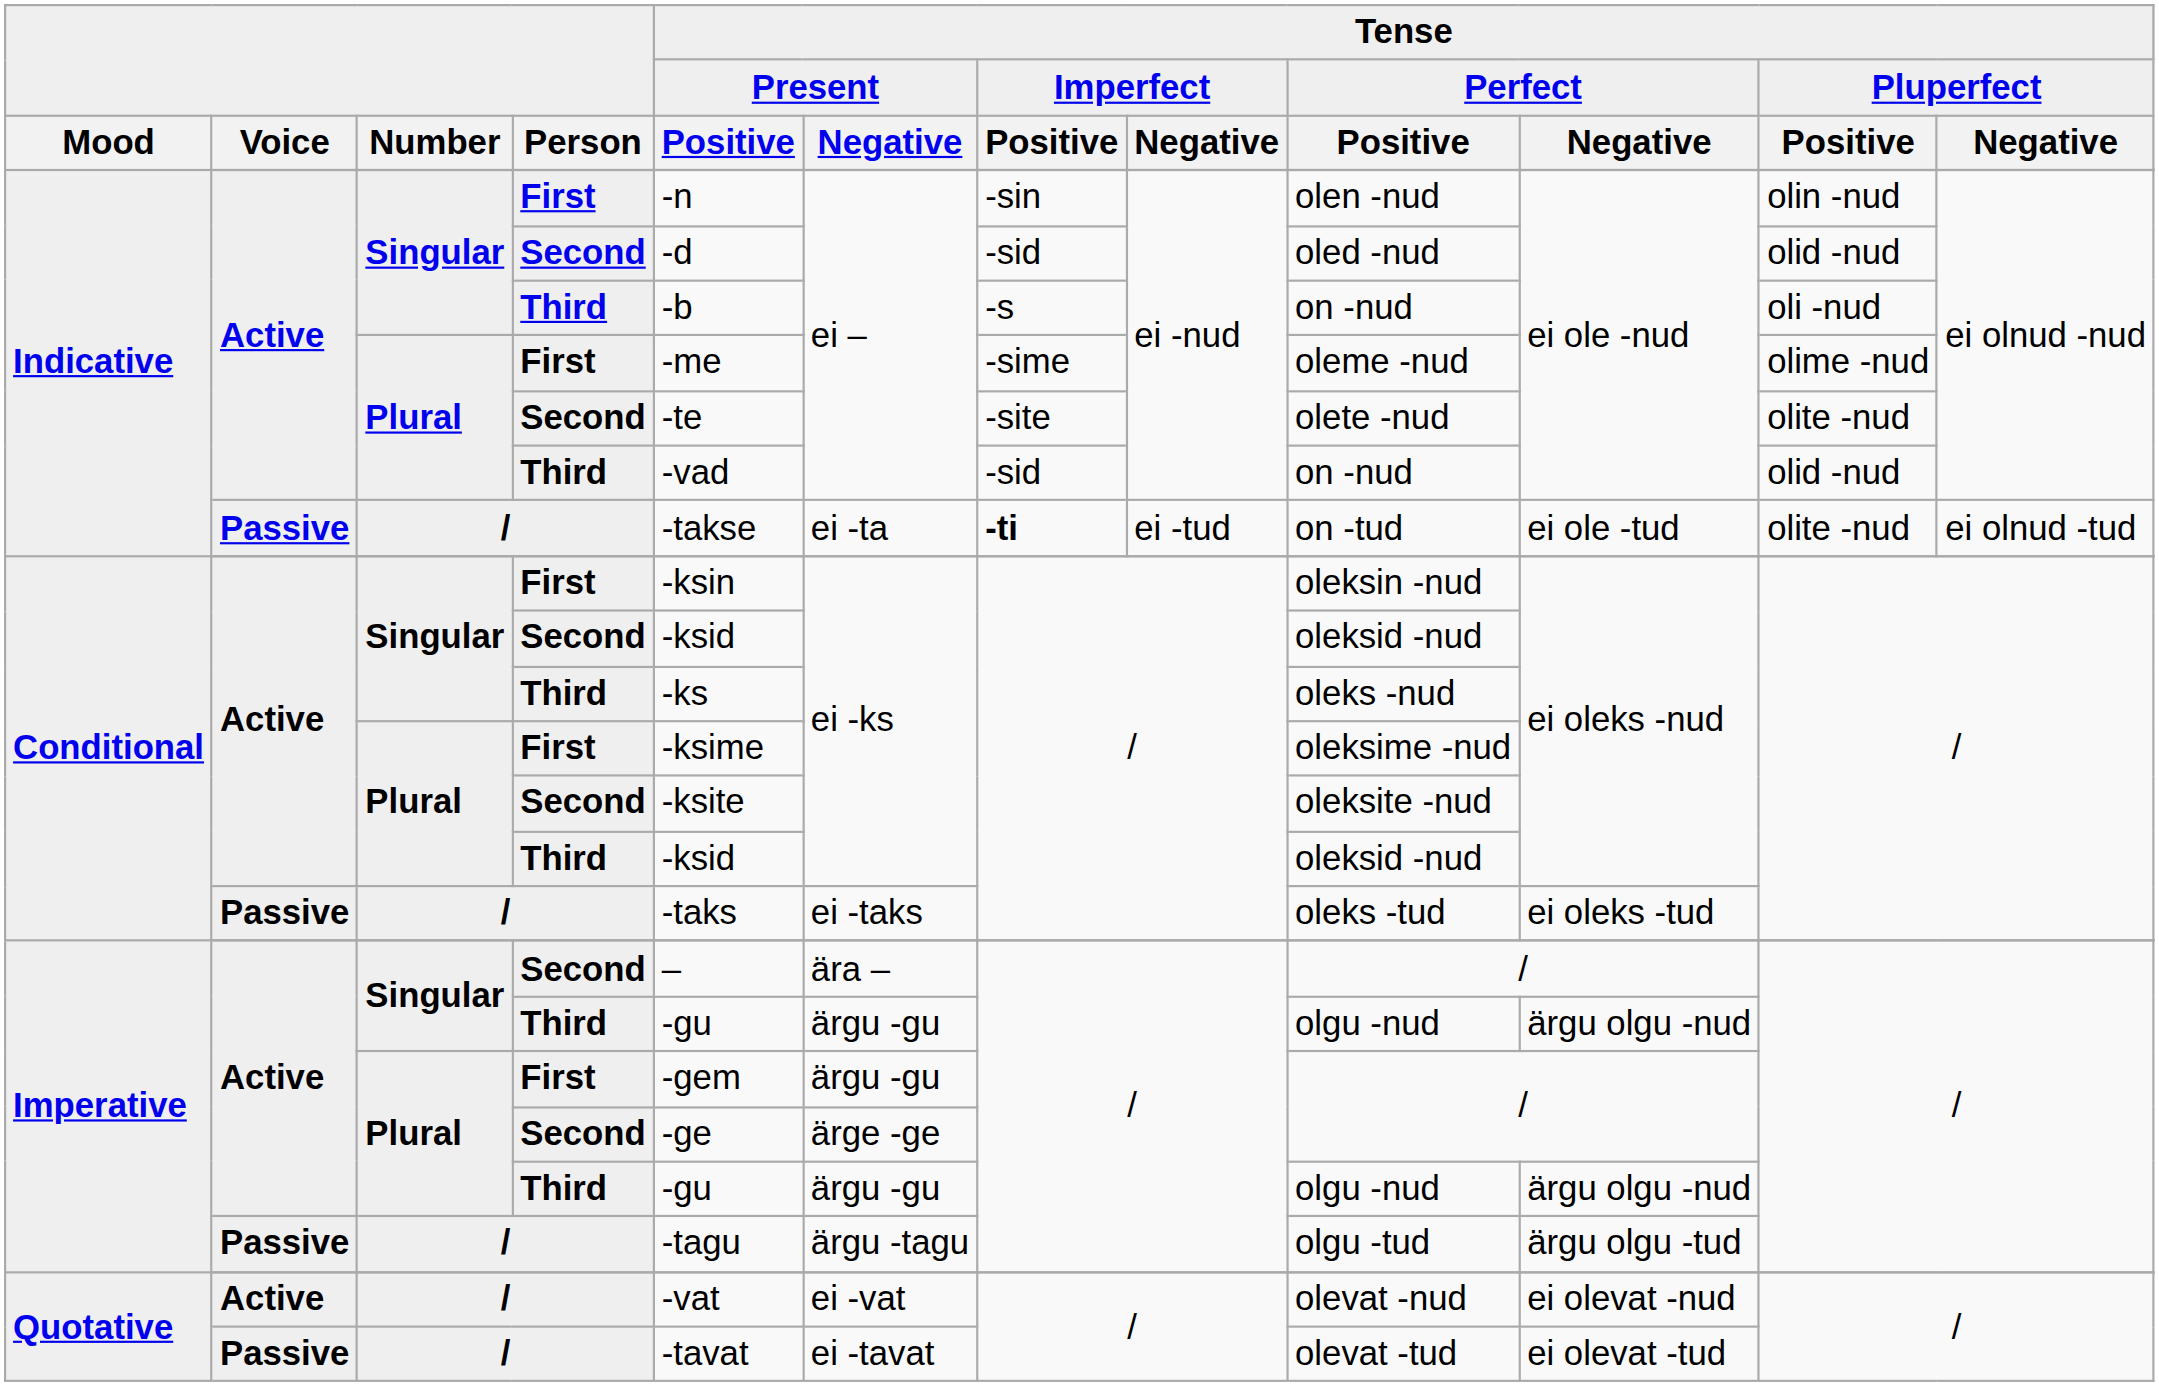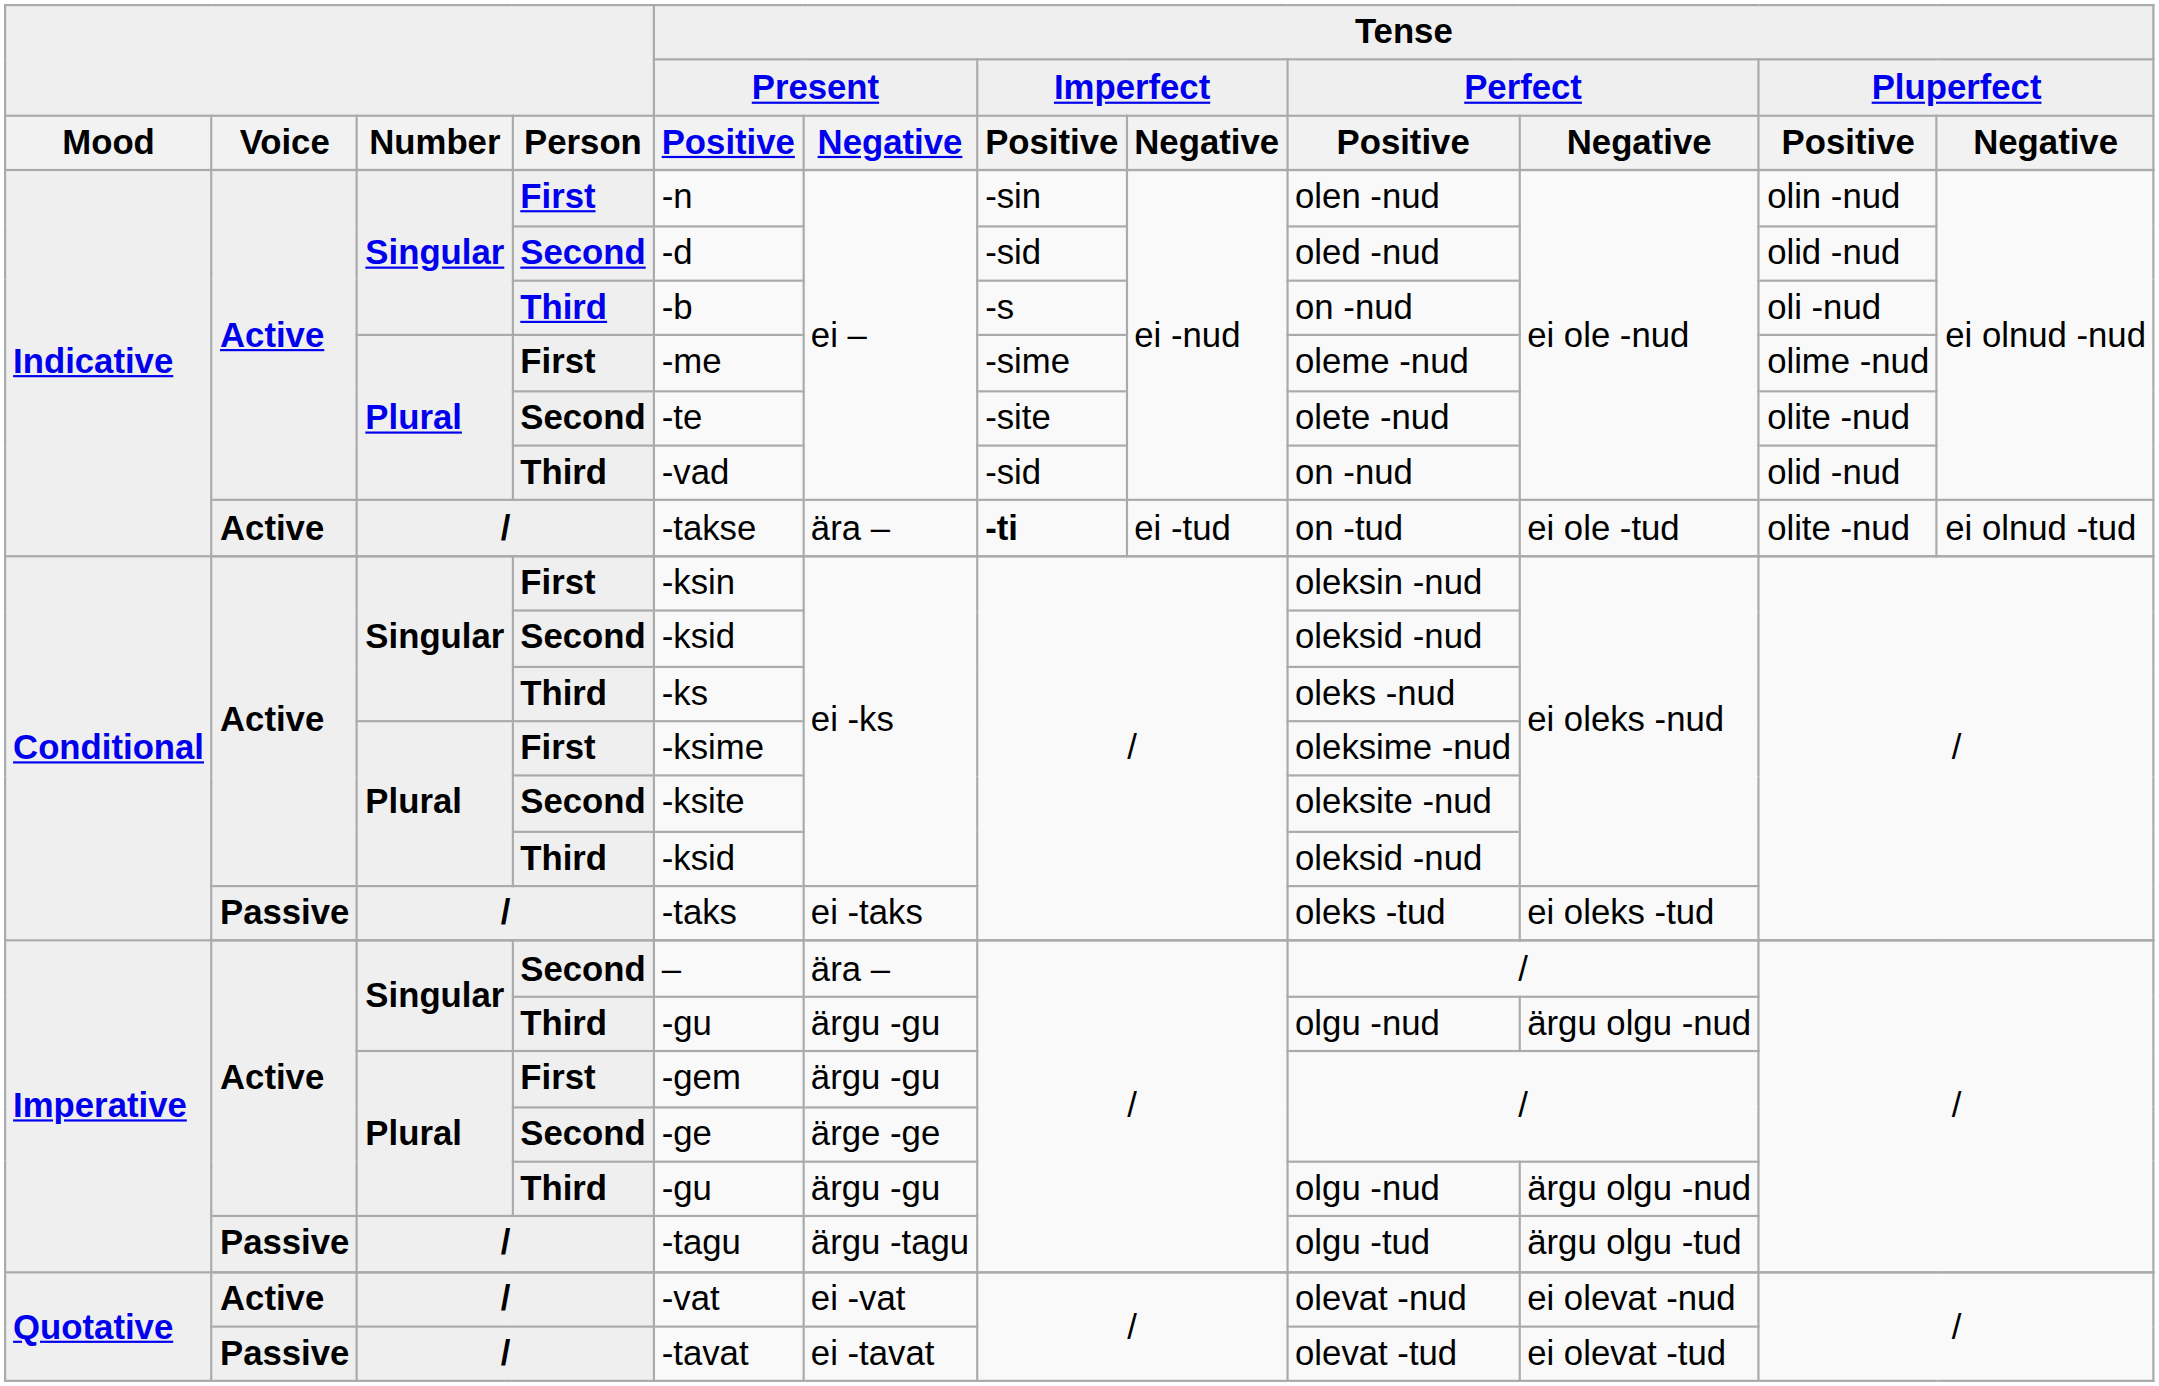 <table class="wikitable">
 <tr style="background:#dfdfdf;" |>
 <th colspan="4" rowspan="2"  style="background:#efefef;"></th>
 <th colspan="8"  style="background:#efefef;">Tense</th>
 </tr>
 <tr>
 <th colspan="2"  style="background:#efefef;"><a href='#'>Present</a></th>
 <th colspan="2"  style="background:#efefef;"><a href='#'>Imperfect</a></th>
 <th colspan="2"  style="background:#efefef;"><a href='#'>Perfect</a></th>
 <th colspan="2"  style="background:#efefef;"><a href='#'>Pluperfect</a></th>
 </tr>
 <tr>
 <th>Mood</th>
 <th>Voice</th>
 <th>Number</th>
 <th>Person</th>
 <th><a href='#'>Positive</a></th>
 <th><a href='#'>Negative</a></th>
 <th>Positive</th>
 <th>Negative</th>
 <th>Positive</th>
 <th>Negative</th>
 <th>Positive</th>
 <th>Negative</th>
 </tr>
 <tr>
 <td rowspan=9 style="background:#efefef;"><strong><a href='#'>Indica­tive</a></strong></td>
 </tr>
 <tr>
 <td rowspan=7 style="background:#efefef;"><strong><a href='#'>Active</a></strong></td>
 </tr>
 <tr>
 <td rowspan=3 style="background:#efefef;"><strong><a href='#'>Singular</a></strong></td>
 <td style="background:#efefef;"><strong><a href='#'>First</a></strong></td>
 <td>-n</td>
 <td rowspan=6>ei –</td>
 <td>-sin</td>
 <td rowspan=6>ei -nud</td>
 <td>olen -nud</td>
 <td rowspan=6>ei ole -nud</td>
 <td>olin -nud</td>
 <td rowspan=6>ei olnud -nud</td>
 </tr>
 <tr>
 <td style="background:#efefef;"><strong><a href='#'>Second</a></strong></td>
 <td>-d</td>
 <td>-sid</td>
 <td>oled -nud</td>
 <td>olid -nud</td>
 </tr>
 <tr>
 <td style="background:#efefef;"><strong><a href='#'>Third</a></strong></td>
 <td>-b</td>
 <td>-s</td>
 <td>on -nud</td>
 <td>oli -nud</td>
 </tr>
 <tr>
 <td rowspan=3 style="background:#efefef;"><strong><a href='#'>Plural</a></strong></td>
 <td style="background:#efefef;"><strong>First</strong></td>
 <td>-me</td>
 <td>-sime</td>
 <td>oleme -nud</td>
 <td>olime -nud</td>
 </tr>
 <tr>
 <td style="background:#efefef;"><strong>Second</strong></td>
 <td>-te</td>
 <td>-site</td>
 <td>olete -nud</td>
 <td>olite -nud</td>
 </tr>
 <tr>
 <td style="background:#efefef;"><strong>Third</strong></td>
 <td>-vad</td>
 <td>-sid</td>
 <td>on -nud</td>
 <td>olid -nud</td>
 </tr>
 <tr>
-<td style="background:#efefef;"><strong><a href='#'>Passive</a></strong></td>
+<td style="background:#efefef;"><strong>Active</strong></td>
 <td colspan=2 align=center style="background:#efefef;"><strong>/</strong></td>
 <td>-takse</td>
-<td>ei -ta</td>
+<td>ära –</td>
 <td><strong>-ti</strong></td>
 <td>ei -tud</td>
 <td>on -tud</td>
 <td>ei ole -tud</td>
 <td>olite -nud</td>
 <td>ei olnud -tud</td>
 </tr>
 <tr>
 <td rowspan=9 style="background:#efefef;"><strong><a href='#'>Condi­tional</a></strong></td>
 </tr>
 <tr>
 <td rowspan=7 style="background:#efefef;"><strong>Active</strong></td>
 </tr>
 <tr>
 <td rowspan=3 style="background:#efefef;"><strong>Singular</strong></td>
 <td style="background:#efefef;"><strong>First</strong></td>
 <td>-ksin</td>
 <td rowspan=6>ei -ks</td>
 <td rowspan=7 colspan=2 align=center>/</td>
 <td>oleksin -nud</td>
 <td rowspan=6>ei oleks -nud</td>
 <td rowspan=7 colspan=2 align=center>/</td>
 </tr>
 <tr>
 <td style="background:#efefef;"><strong>Second</strong></td>
 <td>-ksid</td>
 <td>oleksid -nud</td>
 </tr>
 <tr>
 <td style="background:#efefef;"><strong>Third</strong></td>
 <td>-ks</td>
 <td>oleks -nud</td>
 </tr>
 <tr>
 <td rowspan=3 style="background:#efefef;"><strong>Plural</strong></td>
 <td style="background:#efefef;"><strong>First</strong></td>
 <td>-ksime</td>
 <td>oleksime -nud</td>
 </tr>
 <tr>
 <td style="background:#efefef;"><strong>Second</strong></td>
 <td>-ksite</td>
 <td>oleksite -nud</td>
 </tr>
 <tr>
 <td style="background:#efefef;"><strong>Third</strong></td>
 <td>-ksid</td>
 <td>oleksid -nud</td>
 </tr>
 <tr>
 <td style="background:#efefef;"><strong>Passive</strong></td>
 <td colspan=2 align=center style="background:#efefef;"><strong>/</strong></td>
 <td>-taks</td>
 <td>ei -taks</td>
 <td>oleks -tud</td>
 <td>ei oleks -tud</td>
 </tr>
 <tr>
 <td rowspan=8 style="background:#efefef;"><strong><a href='#'>Impera­tive</a></strong></td>
 </tr>
 <tr>
 <td rowspan=6 style="background:#efefef;"><strong>Active</strong></td>
 </tr>
 <tr>
 <td rowspan=2 style="background:#efefef;"><strong>Singular</strong></td>
 <td style="background:#efefef;"><strong>Second</strong></td>
 <td>–</td>
 <td>ära –</td>
 <td rowspan=6 colspan=2 align=center>/</td>
 <td colspan=2 align=center>/</td>
 <td rowspan=6 colspan=2 align=center>/</td>
 </tr>
 <tr>
 <td style="background:#efefef;"><strong>Third</strong></td>
 <td>-gu</td>
 <td>ärgu -gu</td>
 <td>olgu -nud</td>
 <td>ärgu olgu -nud</td>
 </tr>
 <tr>
 <td rowspan=3 style="background:#efefef;"><strong>Plural</strong></td>
 <td style="background:#efefef;"><strong>First</strong></td>
 <td>-gem</td>
 <td>ärgu -gu</td>
 <td rowspan=2 colspan=2 align=center>/</td>
 </tr>
 <tr>
 <td style="background:#efefef;"><strong>Second</strong></td>
 <td>-ge</td>
 <td>ärge -ge</td>
 </tr>
 <tr>
 <td style="background:#efefef;"><strong>Third</strong></td>
 <td>-gu</td>
 <td>ärgu -gu</td>
 <td>olgu -nud</td>
 <td>ärgu olgu -nud</td>
 </tr>
 <tr>
 <td style="background:#efefef;"><strong>Passive</strong></td>
 <td colspan=2 align=center style="background:#efefef;"><strong>/</strong></td>
 <td>-tagu</td>
 <td>ärgu -tagu</td>
 <td>olgu -tud</td>
 <td>ärgu olgu -tud</td>
 </tr>
 <tr>
 <td rowspan=3 style="background:#efefef;"><strong><a href='#'>Quota­tive</a></strong></td>
 </tr>
 <tr>
 <td style="background:#efefef;"><strong>Active</strong></td>
 <td colspan=2 align=center style="background:#efefef;"><strong>/</strong></td>
 <td>-vat</td>
 <td>ei -vat</td>
 <td rowspan=2 colspan=2 align=center>/</td>
 <td>olevat -nud</td>
 <td>ei olevat -nud</td>
 <td rowspan=2 colspan=2 align=center>/</td>
 </tr>
 <tr>
 <td style="background:#efefef;"><strong>Passive</strong></td>
 <td colspan=2 align=center style="background:#efefef;"><strong>/</strong></td>
 <td>-tavat</td>
 <td>ei -tavat</td>
 <td>olevat -tud</td>
 <td>ei olevat -tud</td>
 </tr>
 </table>
